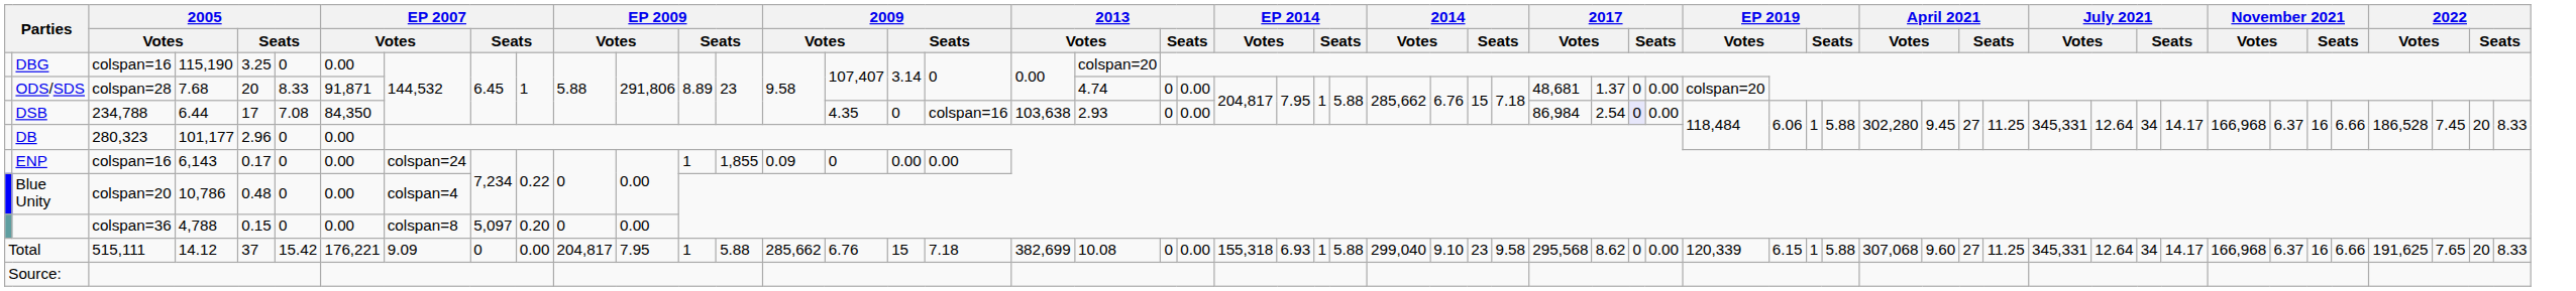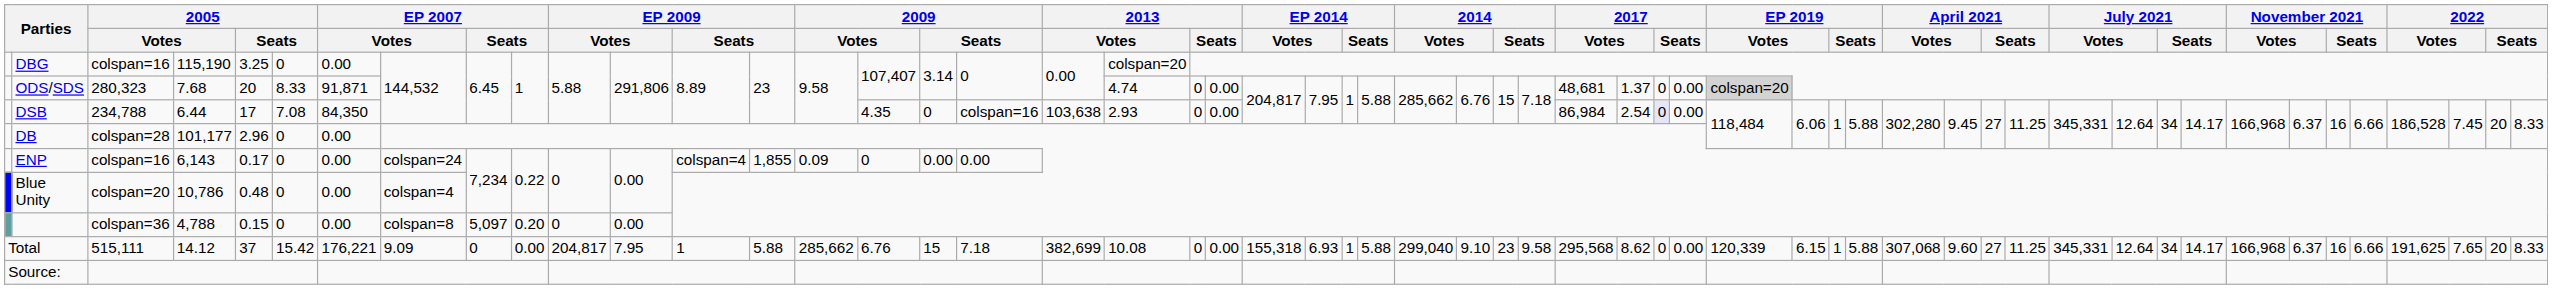 <table class="wikitable unsortable mw-collapsible mw-collapsed" style="font-size:80%;line-height:14px;">
 <tr>
 <th rowspan=2 colspan=2>Parties</th>
 <th colspan=4><a href='#'>2005</a></th>
 <th colspan=4><a href='#'>EP 2007</a></th>
 <th colspan=4><a href='#'>EP 2009</a></th>
 <th colspan=4><a href='#'>2009</a></th>
 <th colspan=4><a href='#'>2013</a></th>
 <th colspan=4><a href='#'>EP 2014</a></th>
 <th colspan=4><a href='#'>2014</a></th>
 <th colspan=4><a href='#'>2017</a></th>
 <th colspan=4><a href='#'>EP 2019</a></th>
 <th colspan=4><a href='#'>April 2021</a></th>
 <th colspan=4><a href='#'>July 2021</a></th>
 <th colspan=4><a href='#'>November 2021</a></th>
 <th colspan=4><a href='#'>2022</a></th>
 </tr>
 <tr>
 <th colspan=2>Votes</th>
 <th colspan=2>Seats</th>
 <th colspan=2>Votes</th>
 <th colspan=2>Seats</th>
 <th colspan=2>Votes</th>
 <th colspan=2>Seats</th>
 <th colspan=2>Votes</th>
 <th colspan=2>Seats</th>
 <th colspan=2>Votes</th>
 <th colspan=2>Seats</th>
 <th colspan=2>Votes</th>
 <th colspan=2>Seats</th>
 <th colspan=2>Votes</th>
 <th colspan=2>Seats</th>
 <th colspan=2>Votes</th>
 <th colspan=2>Seats</th>
 <th colspan=2>Votes</th>
 <th colspan=2>Seats</th>
 <th colspan=2>Votes</th>
 <th colspan=2>Seats</th>
 <th colspan=2>Votes</th>
 <th colspan=2>Seats</th>
 <th colspan=2>Votes</th>
 <th colspan=2>Seats</th>
 <th colspan=2>Votes</th>
 <th colspan=2>Seats</th>
 </tr>
 <tr>
 <td style="background:"></td>
 <td><a href='#'>DBG</a></td>
 <td>colspan=16 </td>
 <td>115,190</td>
 <td>3.25</td>
 <td>0</td>
 <td>0.00</td>
 <td rowspan=3>144,532</td>
 <td rowspan=3>6.45</td>
 <td rowspan=3>1</td>
 <td rowspan=3>5.88</td>
 <td rowspan=3>291,806</td>
 <td rowspan=3>8.89</td>
 <td rowspan=3>23</td>
 <td rowspan=3>9.58</td>
 <td rowspan=2>107,407</td>
 <td rowspan=2>3.14</td>
 <td rowspan=2>0</td>
 <td rowspan=2>0.00</td>
 <td>colspan=20 </td>
 </tr>
 <tr>
 <td style="background:"></td>
 <td><a href='#'>ODS</a>/<a href='#'>SDS</a></td>
-<td>colspan=28 </td>
+<td>280,323</td>
 <td>7.68</td>
 <td>20</td>
 <td>8.33</td>
 <td>91,871</td>
 <td>4.74</td>
 <td>0</td>
 <td>0.00</td>
 <td rowspan=2>204,817</td>
 <td rowspan=2>7.95</td>
 <td rowspan=2>1</td>
 <td rowspan=2>5.88</td>
 <td rowspan=2>285,662</td>
 <td rowspan=2>6.76</td>
 <td rowspan=2>15</td>
 <td rowspan=2>7.18</td>
 <td>48,681</td>
 <td>1.37</td>
 <td>0</td>
 <td>0.00</td>
-<td>colspan=20 </td>
+<td style="background: lightgrey;">colspan=20 </td>
 </tr>
 <tr>
 <td style="background:"></td>
 <td><a href='#'>DSB</a></td>
 <td>234,788</td>
 <td>6.44</td>
 <td>17</td>
 <td>7.08</td>
 <td>84,350</td>
 <td>4.35</td>
 <td>0</td>
 <td>colspan=16 </td>
 <td>103,638</td>
 <td>2.93</td>
 <td>0</td>
 <td>0.00</td>
 <td>86,984</td>
 <td>2.54</td>
 <td style="background: lavender;">0</td>
 <td>0.00</td>
 <td rowspan=2>118,484</td>
 <td rowspan=2>6.06</td>
 <td rowspan=2>1</td>
 <td rowspan=2>5.88</td>
 <td rowspan=2>302,280</td>
 <td rowspan=2>9.45</td>
 <td rowspan=2>27</td>
 <td rowspan=2>11.25</td>
 <td rowspan=2>345,331</td>
 <td rowspan=2>12.64</td>
 <td rowspan=2>34</td>
 <td rowspan=2>14.17</td>
 <td rowspan=2>166,968</td>
 <td rowspan=2>6.37</td>
 <td rowspan=2>16</td>
 <td rowspan=2>6.66</td>
 <td rowspan=2>186,528</td>
 <td rowspan=2>7.45</td>
 <td rowspan=2>20</td>
 <td rowspan=2>8.33</td>
 </tr>
 <tr>
 <td style="background:"></td>
 <td><a href='#'>DB</a></td>
-<td>280,323</td>
+<td>colspan=28 </td>
 <td>101,177</td>
 <td>2.96</td>
 <td>0</td>
 <td>0.00</td>
 </tr>
 <tr>
 <td style="background:"></td>
 <td><a href='#'>ENP</a></td>
 <td>colspan=16 </td>
 <td>6,143</td>
 <td>0.17</td>
 <td>0</td>
 <td>0.00</td>
 <td>colspan=24 </td>
 <td rowspan=2>7,234</td>
 <td rowspan=2>0.22</td>
 <td rowspan=2>0</td>
 <td rowspan=2>0.00</td>
-<td>1</td>
+<td>colspan=4 </td>
 <td>1,855</td>
 <td>0.09</td>
 <td>0</td>
 <td>0.00</td>
 <td>0.00</td>
 </tr>
 <tr>
 <td style="background:blue;"></td>
 <td>Blue Unity</td>
 <td>colspan=20 </td>
 <td>10,786</td>
 <td>0.48</td>
 <td>0</td>
 <td>0.00</td>
 <td>colspan=4 </td>
 </tr>
 <tr>
 <td style="background:#5F9EA0;"></td>
 <td></td>
 <td>colspan=36 </td>
 <td>4,788</td>
 <td>0.15</td>
 <td>0</td>
 <td>0.00</td>
 <td>colspan=8 </td>
 <td>5,097</td>
 <td>0.20</td>
 <td>0</td>
 <td>0.00</td>
 </tr>
 <tr>
 <td colspan=2>Total</td>
 <td>515,111</td>
 <td>14.12</td>
 <td>37</td>
 <td>15.42</td>
 <td>176,221</td>
 <td>9.09</td>
 <td>0</td>
 <td>0.00</td>
 <td>204,817</td>
 <td>7.95</td>
 <td>1</td>
 <td>5.88</td>
 <td>285,662</td>
 <td>6.76</td>
 <td>15</td>
 <td>7.18</td>
 <td>382,699</td>
 <td>10.08</td>
 <td>0</td>
 <td>0.00</td>
 <td>155,318</td>
 <td>6.93</td>
 <td>1</td>
 <td>5.88</td>
 <td>299,040</td>
 <td>9.10</td>
 <td>23</td>
 <td>9.58</td>
 <td>295,568</td>
 <td>8.62</td>
 <td>0</td>
 <td>0.00</td>
 <td>120,339</td>
 <td>6.15</td>
 <td>1</td>
 <td>5.88</td>
 <td>307,068</td>
 <td>9.60</td>
 <td>27</td>
 <td>11.25</td>
 <td>345,331</td>
 <td>12.64</td>
 <td>34</td>
 <td>14.17</td>
 <td>166,968</td>
 <td>6.37</td>
 <td>16</td>
 <td>6.66</td>
 <td>191,625</td>
 <td>7.65</td>
 <td>20</td>
 <td>8.33</td>
 </tr>
 <tr>
 <td colspan=2>Source:</td>
 <td colspan=4></td>
 <td colspan=4></td>
 <td colspan=4></td>
 <td colspan=4></td>
 <td colspan=4></td>
 <td colspan=4></td>
 <td colspan=4></td>
 <td colspan=4></td>
 <td colspan=4></td>
 <td colspan=4></td>
 <td colspan=4></td>
 <td colspan=4></td>
 <td colspan=4></td>
 </tr>
 </table>
